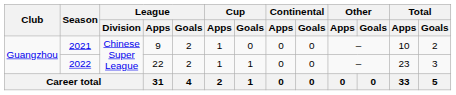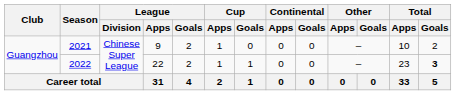 <table class="wikitable" style="text-align: center">
 <tr>
 <th rowspan="2">Club</th>
 <th rowspan="2">Season</th>
 <th colspan="3">League</th>
 <th colspan="2">Cup</th>
 <th colspan="2">Continental</th>
 <th colspan="2">Other</th>
 <th colspan="2">Total</th>
 </tr>
 <tr>
 <th>Division</th>
 <th>Apps</th>
 <th>Goals</th>
 <th>Apps</th>
 <th>Goals</th>
 <th>Apps</th>
 <th>Goals</th>
 <th>Apps</th>
 <th>Goals</th>
 <th>Apps</th>
 <th>Goals</th>
 </tr>
 <tr>
 <td rowspan="2"><a href='#'>Guangzhou</a></td>
 <td><a href='#'>2021</a></td>
 <td rowspan="2"><a href='#'>Chinese Super League</a></td>
 <td>9</td>
 <td>2</td>
 <td>1</td>
 <td>0</td>
 <td>0</td>
 <td>0</td>
 <td colspan="2">–</td>
 <td>10</td>
 <td>2</td>
 </tr>
 <tr>
 <td><a href='#'>2022</a></td>
 <td>22</td>
 <td>2</td>
 <td>1</td>
 <td>1</td>
 <td>0</td>
 <td>0</td>
 <td colspan="2">–</td>
 <td>23</td>
-<td>3</td>
+<td><strong>3</strong></td>
 </tr>
 <tr>
 <th colspan=3>Career total</th>
 <th>31</th>
 <th>4</th>
 <th>2</th>
 <th>1</th>
 <th>0</th>
 <th>0</th>
 <th>0</th>
 <th>0</th>
 <th>33</th>
 <th>5</th>
 </tr>
 </table>
